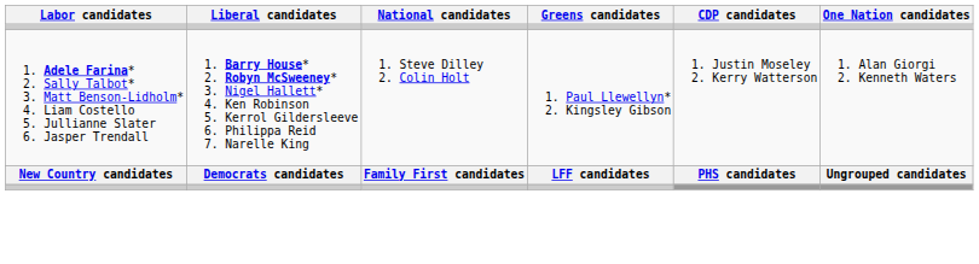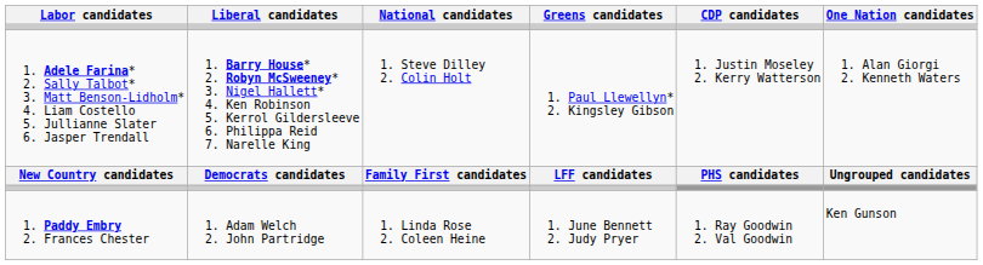 <table class="wikitable">
 <tr>
 <th><a href='#'>Labor</a> candidates</th>
 <th><a href='#'>Liberal</a> candidates</th>
 <th><a href='#'>National</a> candidates</th>
 <th><a href='#'>Greens</a> candidates</th>
 <th><a href='#'>CDP</a> candidates</th>
 <th><a href='#'>One Nation</a> candidates</th>
 </tr>
 <tr bgcolor="#cccccc">
 <td></td>
 <td></td>
 <td></td>
 <td></td>
 <td></td>
 <td></td>
 </tr>
 <tr>
 <td><br><ol><li><strong><a href='#'>Adele Farina</a></strong>*</li><li><a href='#'>Sally Talbot</a>*</li><li><a href='#'>Matt Benson-Lidholm</a>*</li><li>Liam Costello</li><li>Jullianne Slater</li><li>Jasper Trendall</li></ol></td>
 <td><br><ol><li><strong><a href='#'>Barry House</a></strong>*</li><li><strong><a href='#'>Robyn McSweeney</a></strong>*</li><li><a href='#'>Nigel Hallett</a>*</li><li>Ken Robinson</li><li>Kerrol Gildersleeve</li><li>Philippa Reid</li><li>Narelle King</li></ol></td>
 <td valign=top><br><ol><li>Steve Dilley</li><li><a href='#'>Colin Holt</a></li></ol></td>
 <td><br><ol><li><a href='#'>Paul Llewellyn</a>*</li><li>Kingsley Gibson</li></ol></td>
 <td valign=top><br><ol><li>Justin Moseley</li><li>Kerry Watterson</li></ol></td>
 <td valign=top><br><ol><li>Alan Giorgi</li><li>Kenneth Waters</li></ol></td>
 </tr>
 <tr bgcolor="#cccccc">
 <th><a href='#'>New Country</a> candidates</th>
 <th><a href='#'>Democrats</a> candidates</th>
 <th><a href='#'>Family First</a> candidates</th>
 <th><a href='#'>LFF</a> candidates</th>
 <th><a href='#'>PHS</a> candidates</th>
 <th>Ungrouped candidates</th>
 </tr>
 <tr bgcolor="#cccccc">
 <td></td>
 <td></td>
 <td></td>
 <td></td>
 <td bgcolor="#999999"></td>
 <td bgcolor="#999999"></td>
 </tr>
+<tr>
+<td valign=top><br><ol><li><strong><a href='#'>Paddy Embry</a></strong></li><li>Frances Chester</li></ol></td>
+<td valign=top><br><ol><li>Adam Welch</li><li>John Partridge</li></ol></td>
+<td valign=top><br><ol><li>Linda Rose</li><li>Coleen Heine</li></ol></td>
+<td valign=top><br><ol><li>June Bennett</li><li>Judy Pryer</li></ol></td>
+<td valign=top><br><ol><li>Ray Goodwin</li><li>Val Goodwin</li></ol></td>
+<td valign=top><br>Ken Gunson</td>
+</tr>
 </table>
